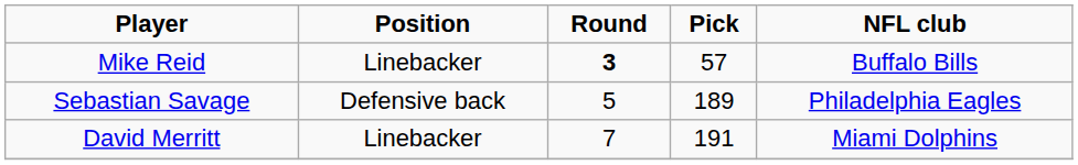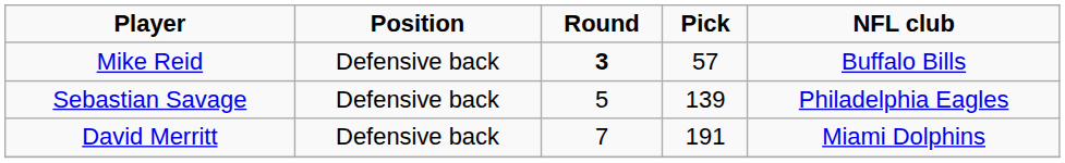 <table class="wikitable" width="80%">
 <tr align="center">
 <td><strong>Player</strong></td>
 <td><strong>Position</strong></td>
 <td><strong>Round</strong></td>
 <td><strong>Pick</strong></td>
 <td><strong>NFL club</strong></td>
 </tr>
 <tr align="center" bgcolor="">
 <td><a href='#'>Mike Reid</a></td>
-<td>Linebacker</td>
+<td>Defensive back</td>
 <td><strong>3</strong></td>
 <td>57</td>
 <td><a href='#'>Buffalo Bills</a></td>
 </tr>
 <tr align="center" bgcolor="">
 <td><a href='#'>Sebastian Savage</a></td>
 <td>Defensive back</td>
 <td>5</td>
-<td>189</td>
+<td>139</td>
 <td><a href='#'>Philadelphia Eagles</a></td>
 </tr>
 <tr align="center" bgcolor="">
 <td><a href='#'>David Merritt</a></td>
-<td>Linebacker</td>
+<td>Defensive back</td>
 <td>7</td>
 <td>191</td>
 <td><a href='#'>Miami Dolphins</a></td>
 </tr>
 <tr align="center" bgcolor="">
 </tr>
 </table>
